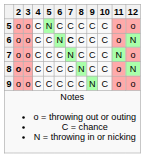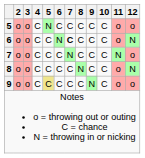 <table class="wikitable floatright" style="font-size:90%;text-align:center;">
 <tr>
 <th></th>
 <th>2</th>
 <th>3</th>
 <th>4</th>
 <th>5</th>
 <th>6</th>
 <th>7</th>
 <th>8</th>
 <th>9</th>
 <th>10</th>
 <th>11</th>
 <th>12</th>
 </tr>
 <tr>
 <th>5</th>
 <td style="background:#faa;">o</td>
 <td style="background:#faa;">o</td>
 <td>C</td>
 <td style="background:#afa;">N</td>
 <td>C</td>
 <td>C</td>
 <td>C</td>
 <td>C</td>
 <td>C</td>
 <td style="background:#faa;">o</td>
 <td style="background:#faa;">o</td>
 </tr>
 <tr>
 <th>6</th>
 <td style="background:#faa;">o</td>
 <td style="background:#faa;">o</td>
 <td>C</td>
 <td>C</td>
 <td style="background:#afa;">N</td>
 <td><strong>C</strong></td>
 <td>C</td>
 <td>C</td>
 <td>C</td>
 <td style="background:#faa;">o</td>
 <td style="background:#afa;">N</td>
 </tr>
 <tr>
 <th>7</th>
 <td style="background:#faa;">o</td>
 <td style="background:#faa;">o</td>
 <td>C</td>
 <td>C</td>
 <td>C</td>
 <td style="background:#afa;">N</td>
 <td>C</td>
 <td>C</td>
 <td>C</td>
 <td style="background:#afa;">N</td>
 <td style="background:#faa;">o</td>
 </tr>
 <tr>
 <th>8</th>
-<td style="background:#faa;"><strong>o</strong></td>
+<td style="background:#faa;">o</td>
 <td style="background:#faa;">o</td>
 <td>C</td>
 <td>C</td>
 <td>C</td>
 <td>C</td>
 <td style="background:#afa;">N</td>
 <td>C</td>
 <td>C</td>
 <td style="background:#faa;">o</td>
 <td style="background:#afa;">N</td>
 </tr>
 <tr>
 <th>9</th>
 <td style="background:#faa;">o</td>
 <td style="background:#faa;">o</td>
 <td>C</td>
-<td>C</td>
+<td style="background: khaki;">C</td>
 <td>C</td>
 <td>C</td>
 <td>C</td>
 <td style="background:#afa;">N</td>
 <td>C</td>
 <td style="background:#faa;">o</td>
 <td style="background:#faa;">o</td>
 </tr>
 <tr>
 <td colspan=12>Notes<br><ul> <li>o = throwing out or outing</li> <li>C = chance</li> <li>N = throwing in or nicking</li> </ul></td>
 </tr>
 </table>
